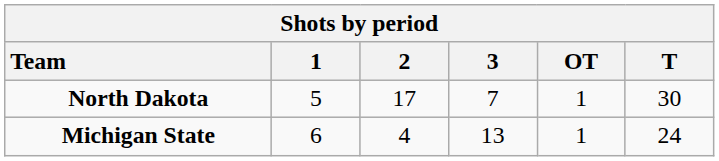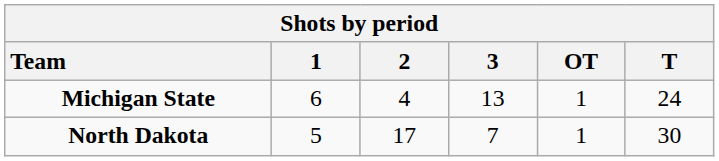 <table class="wikitable" style="width:30em; text-align:right;">
 <tr>
 <th colspan=6>Shots by period</th>
 </tr>
 <tr>
 <th style="width:10em; text-align:left;">Team</th>
 <th style="width:3em;">1</th>
 <th style="width:3em;">2</th>
 <th style="width:3em;">3</th>
 <th style="width:3em;">OT</th>
 <th style="width:3em;">T</th>
 </tr>
 <tr>
+<td align=center><strong>Michigan State</strong></td>
+<td align=center>6</td>
+<td align=center>4</td>
+<td align=center>13</td>
+<td align=center>1</td>
+<td align=center>24</td>
+</tr>
+<tr>
 <td align=center><strong>North Dakota</strong></td>
 <td align=center>5</td>
 <td align=center>17</td>
 <td align=center>7</td>
 <td align=center>1</td>
 <td align=center>30</td>
 </tr>
-<tr>
-<td align=center><strong>Michigan State</strong></td>
-<td align=center>6</td>
-<td align=center>4</td>
-<td align=center>13</td>
-<td align=center>1</td>
-<td align=center>24</td>
-</tr>
 </table>
